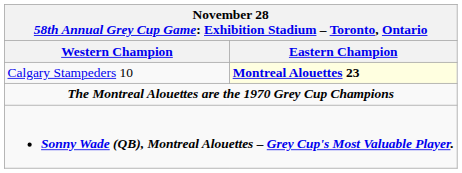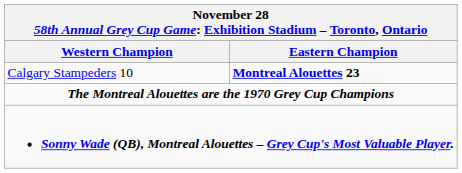 <table class="wikitable">
 <tr>
 <th colspan="4">November 28<br><a href='#'><em>58th Annual Grey Cup Game</em></a>: <a href='#'>Exhibition Stadium</a> – <a href='#'>Toronto</a>, <a href='#'>Ontario</a></th>
 </tr>
 <tr>
 <th><a href='#'>Western Champion</a></th>
 <th><a href='#'>Eastern Champion</a></th>
 </tr>
 <tr>
 <td><a href='#'>Calgary Stampeders</a> 10</td>
-<td style="background: lightyellow;"><strong><a href='#'>Montreal Alouettes</a> 23</strong></td>
+<td><strong><a href='#'>Montreal Alouettes</a> 23</strong></td>
 </tr>
 <tr>
 <td align="center" colspan="4"><strong><em>The Montreal Alouettes are the 1970 Grey Cup Champions</em></strong></td>
 </tr>
 <tr>
 <td align="center" colspan="4"><br><ul><li><strong><em><a href='#'>Sonny Wade</a> (QB), Montreal Alouettes – <a href='#'>Grey Cup's Most Valuable Player</a>.</em></strong></li></ul></td>
 </tr>
 </table>
